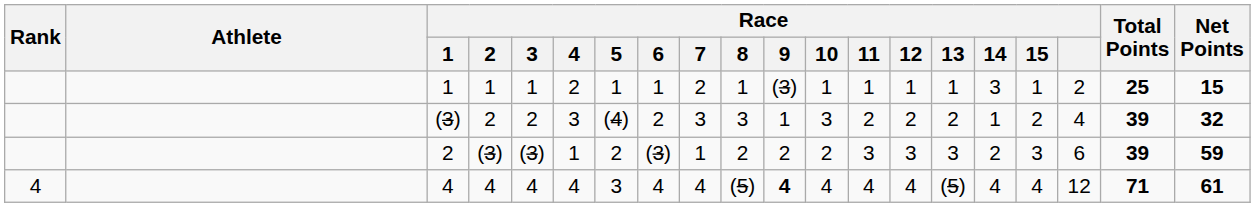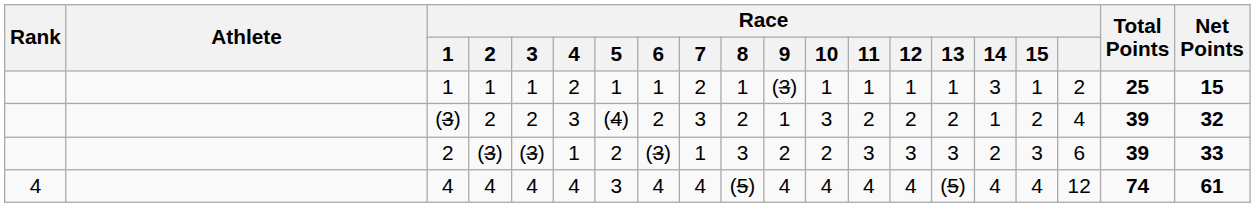 <table | class="wikitable" style="text-align:center">
 <tr>
 <th rowspan="2" width=40>Rank</th>
 <th rowspan="2" width=270>Athlete</th>
 <th colspan="16">Race</th>
 <th rowspan="2" width=50>Total Points</th>
 <th rowspan="2" width=50>Net Points</th>
 </tr>
 <tr>
 <th width=25>1</th>
 <th width=25>2</th>
 <th width=25>3</th>
 <th width=25>4</th>
 <th width=25>5</th>
 <th width=25>6</th>
 <th width=25>7</th>
 <th width=25>8</th>
 <th width=25>9</th>
 <th width=25>10</th>
 <th width=25>11</th>
 <th width=25>12</th>
 <th width=25>13</th>
 <th width=25>14</th>
 <th width=25>15</th>
 <th width=25></th>
 </tr>
 <tr>
 <td></td>
 <td align="left"></td>
 <td>1</td>
 <td>1</td>
 <td>1</td>
 <td>2</td>
 <td>1</td>
 <td>1</td>
 <td>2</td>
 <td>1</td>
 <td>(<s>3</s>)</td>
 <td>1</td>
 <td>1</td>
 <td>1</td>
 <td>1</td>
 <td>3</td>
 <td>1</td>
 <td>2</td>
 <td><strong>25</strong></td>
 <td><strong>15</strong></td>
 </tr>
 <tr>
 <td></td>
 <td align="left"></td>
 <td>(<s>3</s>)</td>
 <td>2</td>
 <td>2</td>
 <td>3</td>
 <td>(<s>4</s>)</td>
 <td>2</td>
 <td>3</td>
-<td>3</td>
+<td>2</td>
 <td>1</td>
 <td>3</td>
 <td>2</td>
 <td>2</td>
 <td>2</td>
 <td>1</td>
 <td>2</td>
 <td>4</td>
 <td><strong>39</strong></td>
 <td><strong>32</strong></td>
 </tr>
 <tr>
 <td></td>
 <td align="left"></td>
 <td>2</td>
 <td>(<s>3</s>)</td>
 <td>(<s>3</s>)</td>
 <td>1</td>
 <td>2</td>
 <td>(<s>3</s>)</td>
 <td>1</td>
-<td>2</td>
+<td>3</td>
 <td>2</td>
 <td>2</td>
 <td>3</td>
 <td>3</td>
 <td>3</td>
 <td>2</td>
 <td>3</td>
 <td>6</td>
 <td><strong>39</strong></td>
-<td><strong>59</strong></td>
+<td><strong>33</strong></td>
 </tr>
 <tr>
 <td>4</td>
 <td align="left"></td>
 <td>4</td>
 <td>4</td>
 <td>4</td>
 <td>4</td>
 <td>3</td>
 <td>4</td>
 <td>4</td>
 <td>(<s>5</s>)</td>
-<td><strong>4</strong></td>
+<td>4</td>
 <td>4</td>
 <td>4</td>
 <td>4</td>
 <td>(<s>5</s>)<br></td>
 <td>4</td>
 <td>4</td>
 <td>12<br></td>
-<td><strong>71</strong></td>
+<td><strong>74</strong></td>
 <td><strong>61</strong></td>
 </tr>
 </table>
